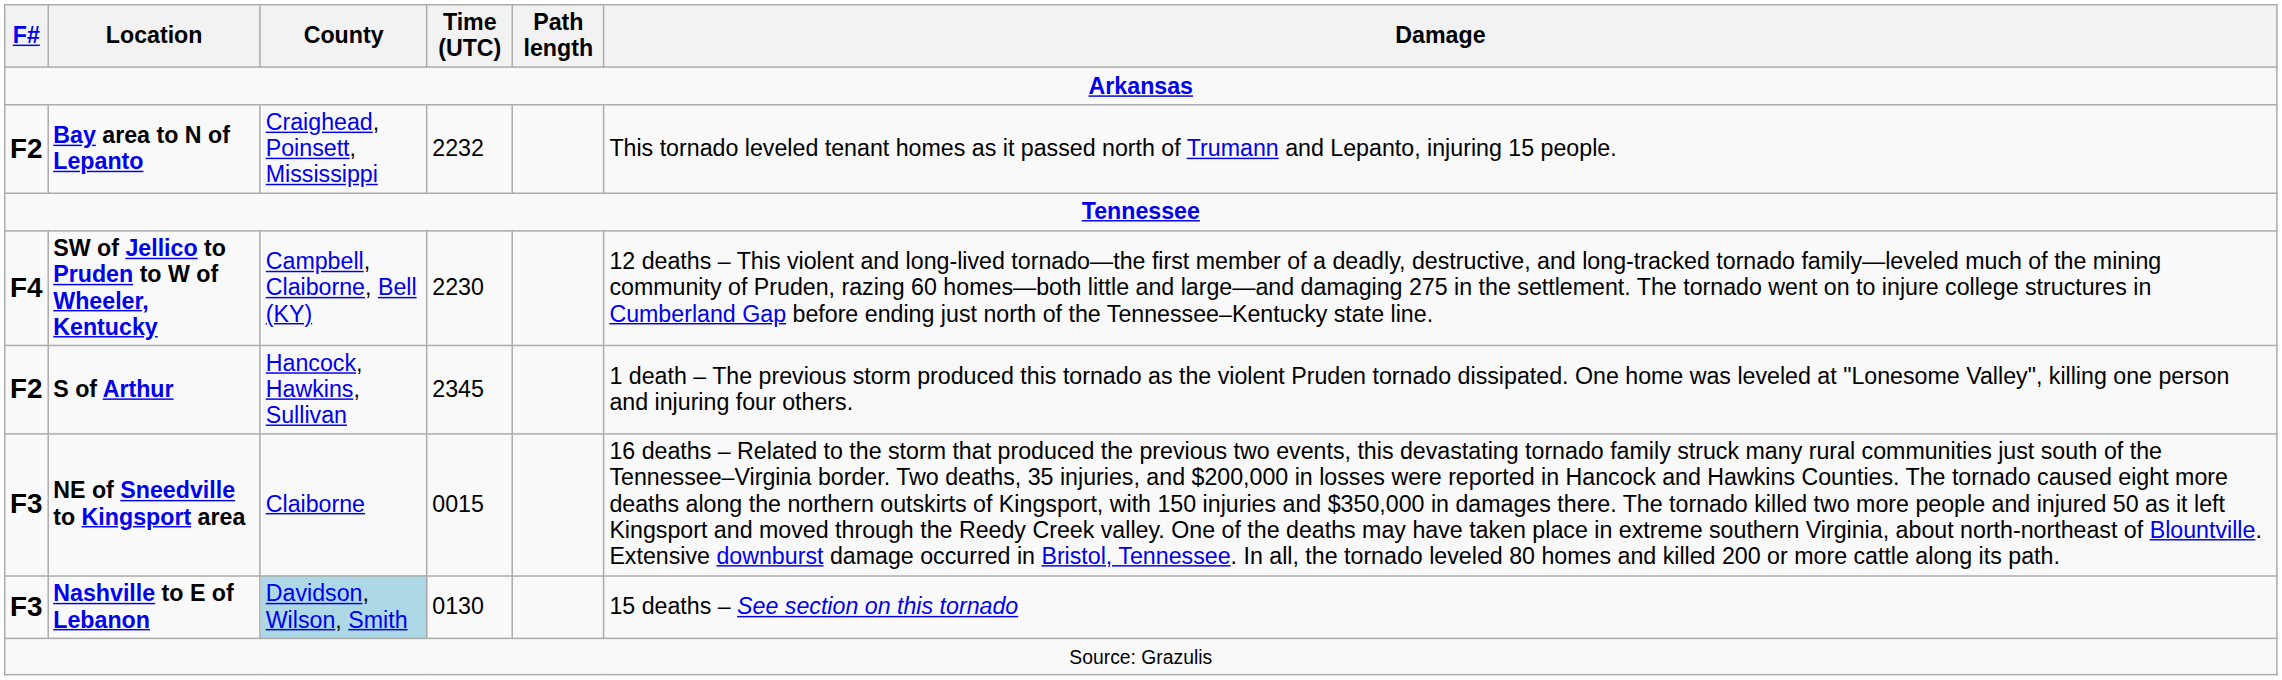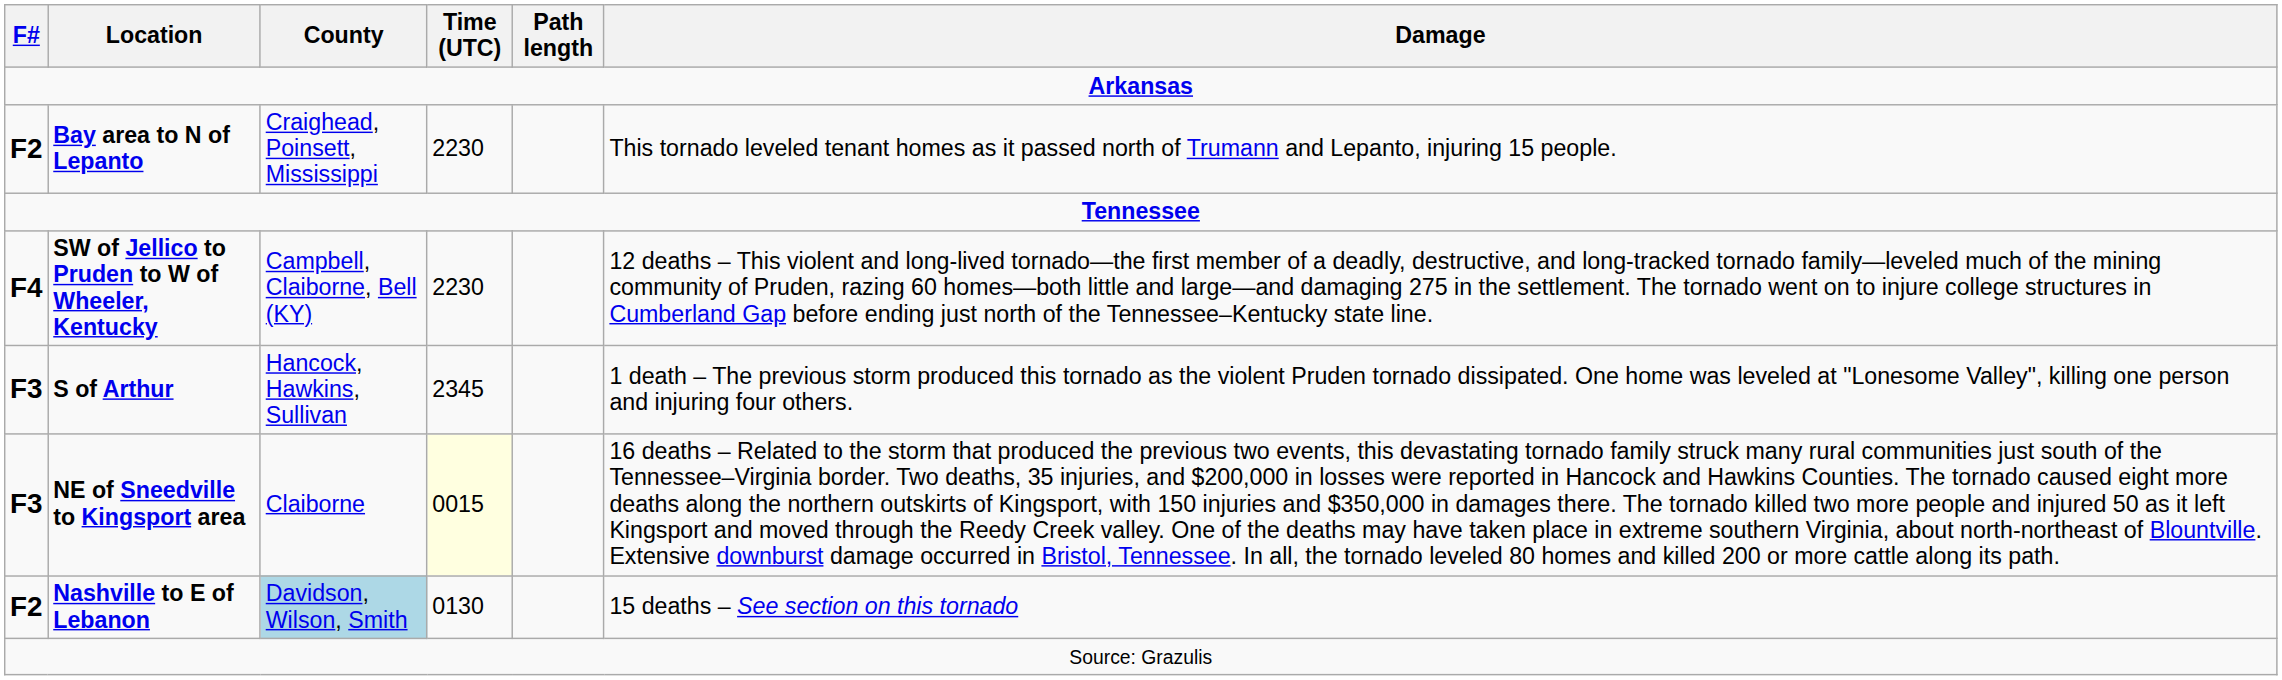 <table class="wikitable">
 <tr>
 <th><strong><a href='#'>F#</a></strong></th>
 <th><strong>Location</strong></th>
 <th><strong>County</strong></th>
 <th><strong>Time (UTC)</strong></th>
 <th><strong>Path length</strong></th>
 <th><strong>Damage</strong></th>
 </tr>
 <tr>
 <td colspan="7" align=center><strong><a href='#'>Arkansas</a></strong></td>
 </tr>
 <tr>
 <td><big><strong>F2</strong></big></td>
 <td><strong><a href='#'>Bay</a> area to N of <a href='#'>Lepanto</a></strong></td>
 <td><a href='#'>Craighead</a>, <a href='#'>Poinsett</a>, <a href='#'>Mississippi</a></td>
-<td>2232</td>
+<td>2230</td>
 <td></td>
 <td>This tornado leveled tenant homes as it passed north of <a href='#'>Trumann</a> and Lepanto, injuring 15 people.</td>
 </tr>
 <tr>
 <td colspan="7" align=center><strong><a href='#'>Tennessee</a></strong></td>
 </tr>
 <tr>
 <td><big><strong>F4</strong></big></td>
 <td><strong>SW of <a href='#'>Jellico</a> to <a href='#'>Pruden</a> to W of <a href='#'>Wheeler, Kentucky</a></strong></td>
 <td><a href='#'>Campbell</a>, <a href='#'>Claiborne</a>, <a href='#'>Bell (KY)</a></td>
 <td>2230</td>
 <td></td>
 <td>12 deaths – This violent and long-lived tornado—the first member of a deadly, destructive, and long-tracked tornado family—leveled much of the mining community of Pruden, razing 60 homes—both little and large—and damaging 275 in the settlement. The tornado went on to injure college structures in <a href='#'>Cumberland Gap</a> before ending just north of the Tennessee–Kentucky state line.</td>
 </tr>
 <tr>
-<td><big><strong>F2</strong></big></td>
+<td><big><strong>F3</strong></big></td>
 <td><strong>S of <a href='#'>Arthur</a></strong></td>
 <td><a href='#'>Hancock</a>, <a href='#'>Hawkins</a>, <a href='#'>Sullivan</a></td>
 <td>2345</td>
 <td></td>
 <td>1 death – The previous storm produced this tornado as the violent Pruden tornado dissipated. One home was leveled at "Lonesome Valley", killing one person and injuring four others.</td>
 </tr>
 <tr>
 <td><big><strong>F3</strong></big></td>
 <td><strong>NE of <a href='#'>Sneedville</a> to <a href='#'>Kingsport</a> area</strong></td>
 <td><a href='#'>Claiborne</a></td>
-<td>0015</td>
+<td style="background: lightyellow;">0015</td>
 <td></td>
 <td>16 deaths – Related to the storm that produced the previous two events, this devastating tornado family struck many rural communities just south of the Tennessee–Virginia border. Two deaths, 35 injuries, and $200,000 in losses were reported in Hancock and Hawkins Counties. The tornado caused eight more deaths along the northern outskirts of Kingsport, with 150 injuries and $350,000 in damages there. The tornado killed two more people and injured 50 as it left Kingsport and moved through the Reedy Creek valley. One of the deaths may have taken place in extreme southern Virginia, about  north-northeast of <a href='#'>Blountville</a>. Extensive <a href='#'>downburst</a> damage occurred in <a href='#'>Bristol, Tennessee</a>. In all, the tornado leveled 80 homes and killed 200 or more cattle along its path.</td>
 </tr>
 <tr>
-<td><big><strong>F3</strong></big></td>
+<td><big><strong>F2</strong></big></td>
 <td><strong><a href='#'>Nashville</a> to E of <a href='#'>Lebanon</a></strong></td>
 <td style="background: lightblue;"><a href='#'>Davidson</a>, <a href='#'>Wilson</a>, <a href='#'>Smith</a></td>
 <td>0130</td>
 <td></td>
 <td>15 deaths – <em><a href='#'>See section on this tornado</a></em></td>
 </tr>
 <tr>
 <td colspan="7" align=center><small>Source: Grazulis</small></td>
 </tr>
 </table>
